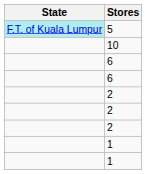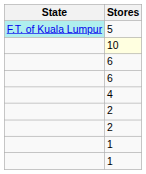 <table class="wikitable"|align=left>
 <tr>
 <th>State</th>
 <th>Stores</th>
 </tr>
 <tr>
 <td style="background: paleturquoise;"> <a href='#'>F.T. of Kuala Lumpur</a></td>
 <td>5</td>
 </tr>
 <tr>
 <td></td>
-<td>10</td>
+<td style="background: lightyellow;">10</td>
 </tr>
 <tr>
 <td></td>
 <td>6</td>
 </tr>
 <tr>
 <td></td>
 <td>6</td>
 </tr>
 <tr>
 <td></td>
-<td>2</td>
+<td>4</td>
 </tr>
 <tr>
 <td></td>
 <td>2</td>
 </tr>
 <tr>
 <td></td>
 <td>2</td>
 </tr>
 <tr>
 <td></td>
 <td>1</td>
 </tr>
 <tr>
 <td></td>
 <td>1</td>
 </tr>
 </table>
